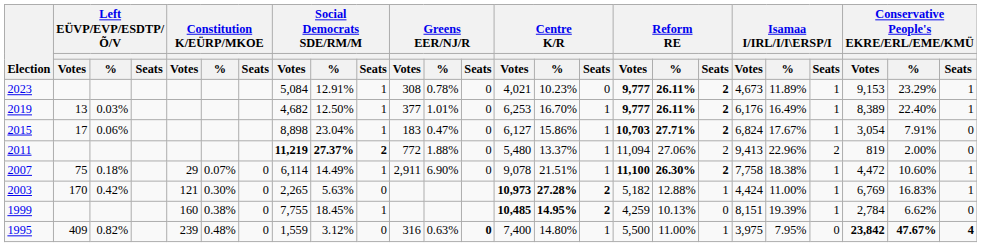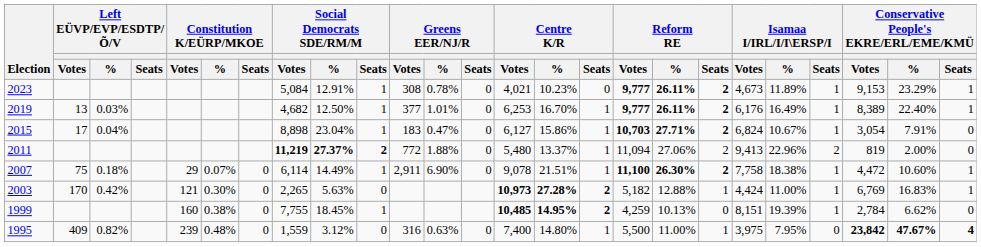 <table class="wikitable" border="1" style="font-size:80%; text-align:right;">
 <tr>
 <th style="text-align:left;" valign=bottom rowspan=3>Election</th>
 <th valign=bottom colspan=3><a href='#'>Left</a><br>EÜVP/EVP/ESDTP/Õ/V</th>
 <th valign=bottom colspan=3><a href='#'>Constitution</a><br>K/EÜRP/MKOE</th>
 <th valign=bottom colspan=3><a href='#'>Social<br>Democrats</a><br>SDE/RM/M</th>
 <th valign=bottom colspan=3><a href='#'>Greens</a><br>EER/NJ/R</th>
 <th valign=bottom colspan=3><a href='#'>Centre</a><br>K/R</th>
 <th valign=bottom colspan=3><a href='#'>Reform</a><br>RE</th>
 <th valign=bottom colspan=3><a href='#'>Isamaa</a><br>I/IRL/I/I\ERSP/I</th>
 <th valign=bottom colspan=3><a href='#'>Conservative<br>People's</a><br>EKRE/ERL/EME/KMÜ</th>
 </tr>
 <tr>
 <th colspan=3 style="background:"></th>
 <th colspan=3 style="background:"></th>
 <th colspan=3 style="background:"></th>
 <th colspan=3 style="background:"></th>
 <th colspan=3 style="background:"></th>
 <th colspan=3 style="background:"></th>
 <th colspan=3 style="background:"></th>
 <th colspan=3 style="background:"></th>
 </tr>
 <tr>
 <th>Votes</th>
 <th>%</th>
 <th>Seats</th>
 <th>Votes</th>
 <th>%</th>
 <th>Seats</th>
 <th>Votes</th>
 <th>%</th>
 <th>Seats</th>
 <th>Votes</th>
 <th>%</th>
 <th>Seats</th>
 <th>Votes</th>
 <th>%</th>
 <th>Seats</th>
 <th>Votes</th>
 <th>%</th>
 <th>Seats</th>
 <th>Votes</th>
 <th>%</th>
 <th>Seats</th>
 <th>Votes</th>
 <th>%</th>
 <th>Seats</th>
 </tr>
 <tr>
 <td align=left><a href='#'>2023</a></td>
 <td></td>
 <td></td>
 <td></td>
 <td></td>
 <td></td>
 <td></td>
 <td>5,084</td>
 <td>12.91%</td>
 <td>1</td>
 <td>308</td>
 <td>0.78%</td>
 <td>0</td>
 <td>4,021</td>
 <td>10.23%</td>
 <td>0</td>
 <td><strong>9,777</strong></td>
 <td><strong>26.11%</strong></td>
 <td><strong>2</strong></td>
 <td>4,673</td>
 <td>11.89%</td>
 <td>1</td>
 <td>9,153</td>
 <td>23.29%</td>
 <td>1</td>
 </tr>
 <tr>
 <td align=left><a href='#'>2019</a></td>
 <td>13</td>
 <td>0.03%</td>
 <td></td>
 <td></td>
 <td></td>
 <td></td>
 <td>4,682</td>
 <td>12.50%</td>
 <td>1</td>
 <td>377</td>
 <td>1.01%</td>
 <td>0</td>
 <td>6,253</td>
 <td>16.70%</td>
 <td>1</td>
 <td><strong>9,777</strong></td>
 <td><strong>26.11%</strong></td>
 <td><strong>2</strong></td>
 <td>6,176</td>
 <td>16.49%</td>
 <td>1</td>
 <td>8,389</td>
 <td>22.40%</td>
 <td>1</td>
 </tr>
 <tr>
 <td align=left><a href='#'>2015</a></td>
 <td>17</td>
-<td>0.06%</td>
+<td>0.04%</td>
 <td></td>
 <td></td>
 <td></td>
 <td></td>
 <td>8,898</td>
 <td>23.04%</td>
 <td>1</td>
 <td>183</td>
 <td>0.47%</td>
 <td>0</td>
 <td>6,127</td>
 <td>15.86%</td>
 <td>1</td>
 <td><strong>10,703</strong></td>
 <td><strong>27.71%</strong></td>
 <td><strong>2</strong></td>
 <td>6,824</td>
-<td>17.67%</td>
+<td>10.67%</td>
 <td>1</td>
 <td>3,054</td>
 <td>7.91%</td>
 <td>0</td>
 </tr>
 <tr>
 <td align=left><a href='#'>2011</a></td>
 <td></td>
 <td></td>
 <td></td>
 <td></td>
 <td></td>
 <td></td>
 <td><strong>11,219</strong></td>
 <td><strong>27.37%</strong></td>
 <td><strong>2</strong></td>
 <td>772</td>
 <td>1.88%</td>
 <td>0</td>
 <td>5,480</td>
 <td>13.37%</td>
 <td>1</td>
 <td>11,094</td>
 <td>27.06%</td>
 <td>2</td>
 <td>9,413</td>
 <td>22.96%</td>
 <td>2</td>
 <td>819</td>
 <td>2.00%</td>
 <td>0</td>
 </tr>
 <tr>
 <td align=left><a href='#'>2007</a></td>
 <td>75</td>
 <td>0.18%</td>
 <td></td>
 <td>29</td>
 <td>0.07%</td>
 <td>0</td>
 <td>6,114</td>
 <td>14.49%</td>
 <td>1</td>
 <td>2,911</td>
 <td>6.90%</td>
 <td>0</td>
 <td>9,078</td>
 <td>21.51%</td>
 <td>1</td>
 <td><strong>11,100</strong></td>
 <td><strong>26.30%</strong></td>
 <td><strong>2</strong></td>
 <td>7,758</td>
 <td>18.38%</td>
 <td>1</td>
 <td>4,472</td>
 <td>10.60%</td>
 <td>1</td>
 </tr>
 <tr>
 <td align=left><a href='#'>2003</a></td>
 <td>170</td>
 <td>0.42%</td>
 <td></td>
 <td>121</td>
 <td>0.30%</td>
 <td>0</td>
 <td>2,265</td>
 <td>5.63%</td>
 <td>0</td>
 <td></td>
 <td></td>
 <td></td>
 <td><strong>10,973</strong></td>
 <td><strong>27.28%</strong></td>
 <td><strong>2</strong></td>
 <td>5,182</td>
 <td>12.88%</td>
 <td>1</td>
 <td>4,424</td>
 <td>11.00%</td>
 <td>1</td>
 <td>6,769</td>
 <td>16.83%</td>
 <td>1</td>
 </tr>
 <tr>
 <td align=left><a href='#'>1999</a></td>
 <td></td>
 <td></td>
 <td></td>
 <td>160</td>
 <td>0.38%</td>
 <td>0</td>
 <td>7,755</td>
 <td>18.45%</td>
 <td>1</td>
 <td></td>
 <td></td>
 <td></td>
 <td><strong>10,485</strong></td>
 <td><strong>14.95%</strong></td>
 <td><strong>2</strong></td>
 <td>4,259</td>
 <td>10.13%</td>
 <td>0</td>
 <td>8,151</td>
 <td>19.39%</td>
 <td>1</td>
 <td>2,784</td>
 <td>6.62%</td>
 <td>0</td>
 </tr>
 <tr>
 <td align=left><a href='#'>1995</a></td>
 <td>409</td>
 <td>0.82%</td>
 <td></td>
 <td>239</td>
 <td>0.48%</td>
 <td>0</td>
 <td>1,559</td>
 <td>3.12%</td>
 <td>0</td>
 <td>316</td>
 <td>0.63%</td>
-<td><strong>0</strong></td>
+<td>0</td>
 <td>7,400</td>
 <td>14.80%</td>
 <td>1</td>
 <td>5,500</td>
 <td>11.00%</td>
 <td>1</td>
 <td>3,975</td>
 <td>7.95%</td>
 <td>0</td>
 <td><strong>23,842</strong></td>
 <td><strong>47.67%</strong></td>
 <td><strong>4</strong></td>
 </tr>
 </table>
